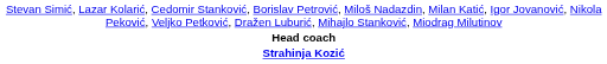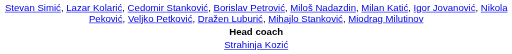 <table style="text-align: center; margin-top: 2em; margin-left: auto; margin-right: auto">
 <tr>
 <td><a href='#'>Stevan Simić</a>, <a href='#'>Lazar Kolarić</a>, <a href='#'>Cedomir Stanković</a>, <a href='#'>Borislav Petrović</a>, <a href='#'>Miloš Nadazdin</a>, <a href='#'>Milan Katić</a>, <a href='#'>Igor Jovanović</a>, <a href='#'>Nikola Peković</a>, <a href='#'>Veljko Petković</a>, <a href='#'>Dražen Luburić</a>, <a href='#'>Mihajlo Stanković</a>, <a href='#'>Miodrag Milutinov</a></td>
 </tr>
 <tr>
 <td><strong>Head coach</strong></td>
 </tr>
 <tr>
-<td><strong><a href='#'>Strahinja Kozić</a></strong></td>
+<td><a href='#'>Strahinja Kozić</a></td>
 </tr>
 </table>
